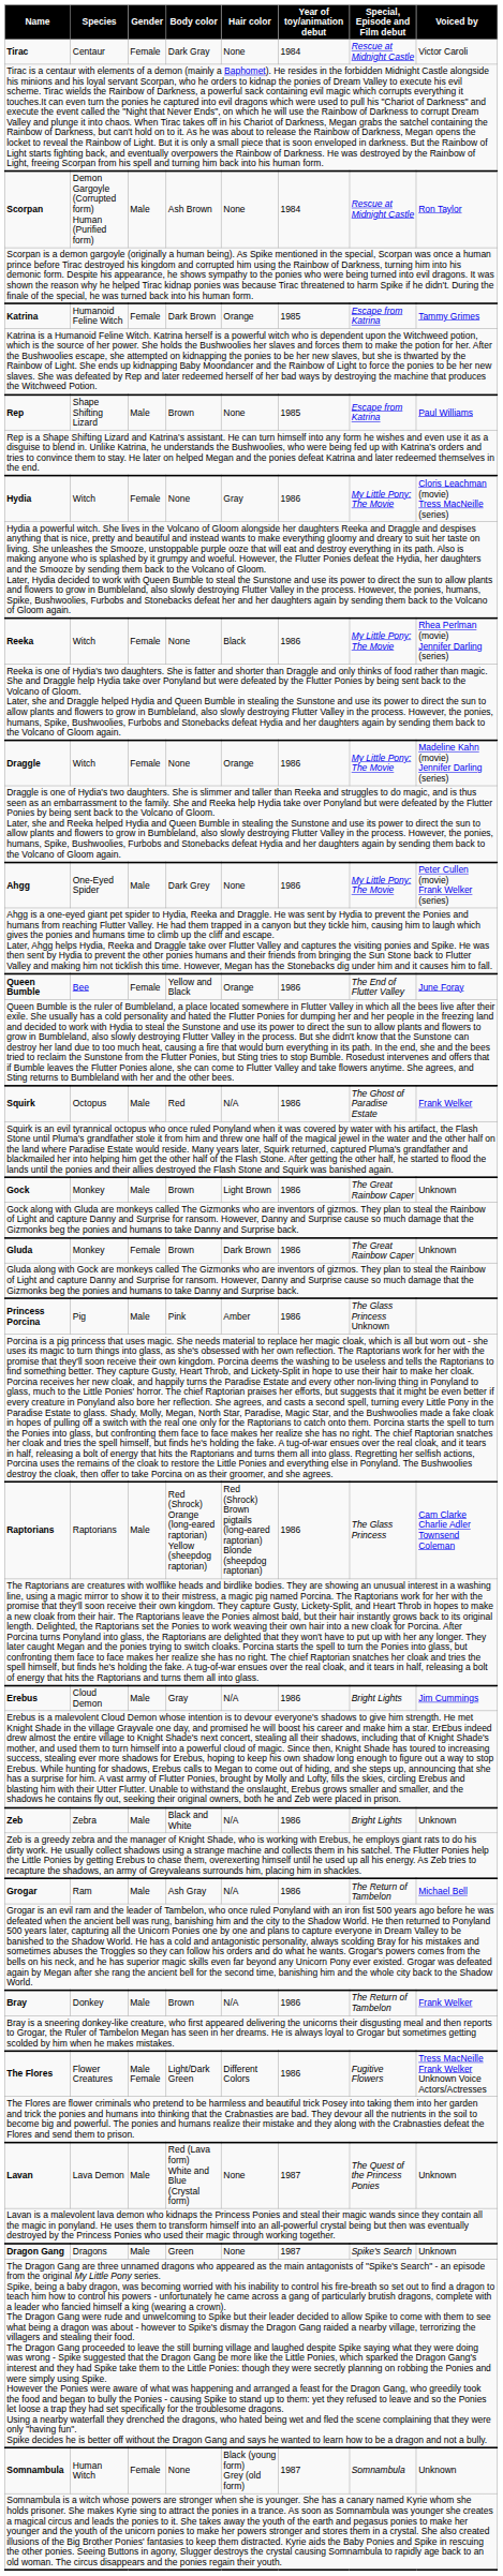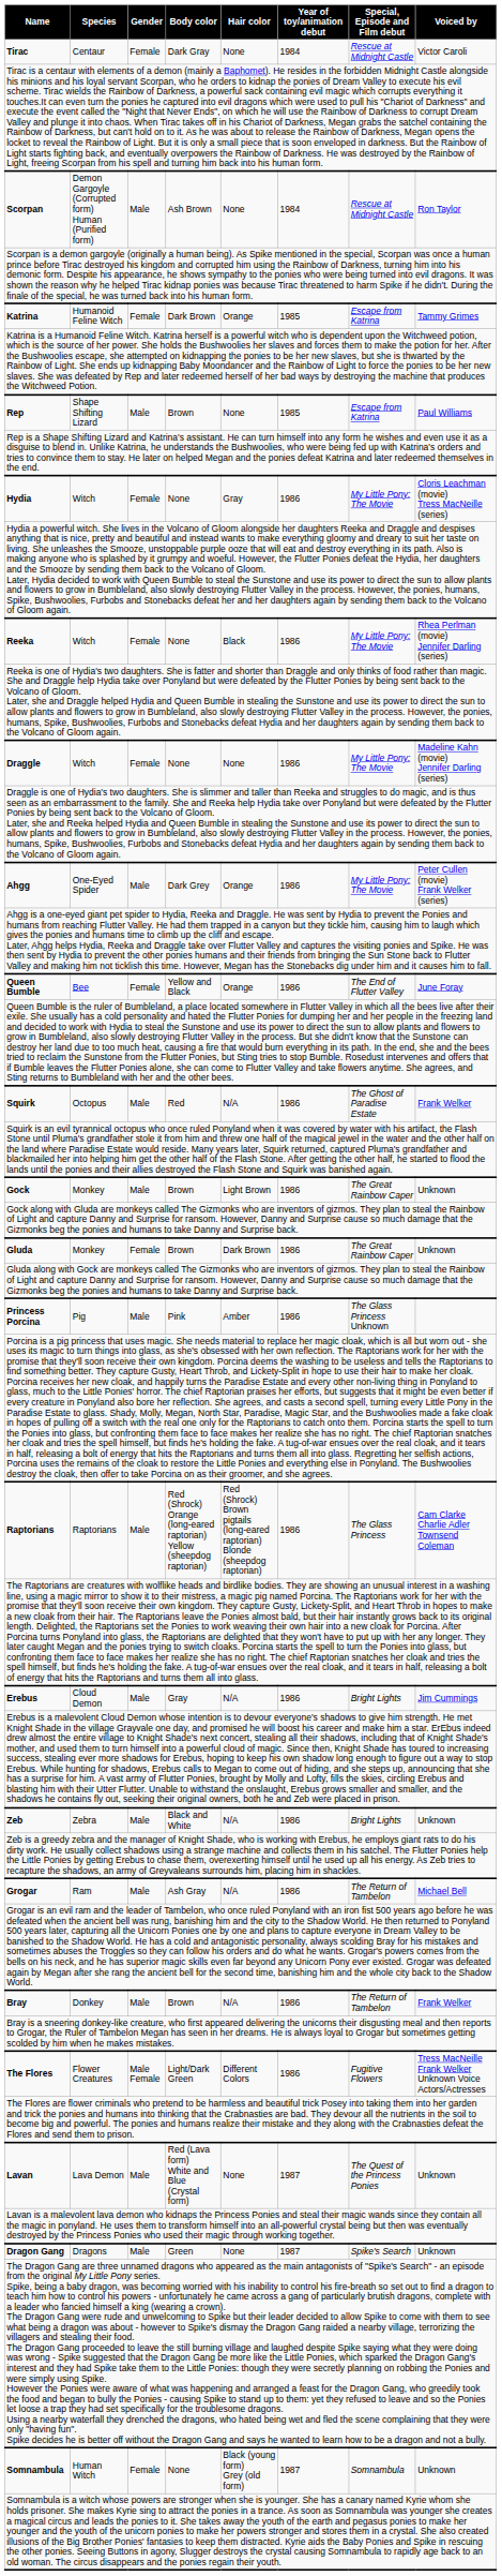 <table class="wikitable">
 <tr>
 <th style="background:#000000; color: #fff;">Name</th>
 <th style="background:#000000; color: #fff;">Species</th>
 <th style="background:#000000; color: #fff;">Gender</th>
 <th style="background:#000000; color: #fff;">Body color</th>
 <th style="background:#000000; color: #fff;">Hair color</th>
 <th style="background:#000000; color: #fff;">Year of toy/animation debut</th>
 <th style="background:#000000; color: #fff;">Special, Episode and Film debut</th>
 <th style="background:#000000; color: #fff;">Voiced by</th>
 </tr>
 <tr>
 <td><strong>Tirac</strong></td>
 <td>Centaur</td>
 <td>Female</td>
 <td>Dark Gray</td>
 <td>None</td>
 <td>1984</td>
 <td><em><a href='#'>Rescue at Midnight Castle</a></em></td>
 <td>Victor Caroli</td>
 </tr>
 <tr>
 <td style="border-bottom: 3px solid #000000;" colspan="13">Tirac is a centaur with elements of a demon (mainly a <a href='#'>Baphomet</a>). He resides in the forbidden Midnight Castle alongside his minions and his loyal servant Scorpan, who he orders to kidnap the ponies of Dream Valley to execute his evil scheme. Tirac wields the Rainbow of Darkness, a powerful sack containing evil magic which corrupts everything it touches.It can even turn the ponies he captured into evil dragons which were used to pull his "Chariot of Darkness" and execute the event called the "Night that Never Ends", on which he will use the Rainbow of Darkness to corrupt Dream Valley and plunge it into chaos. When Tirac takes off in his Chariot of Darkness, Megan grabs the satchel containing the Rainbow of Darkness, but can't hold on to it. As he was about to release the Rainbow of Darkness, Megan opens the locket to reveal the Rainbow of Light. But it is only a small piece that is soon enveloped in darkness. But the Rainbow of Light starts fighting back, and eventually overpowers the Rainbow of Darkness. He was destroyed by the Rainbow of Light, freeing Scorpan from his spell and turning him back into his human form.</td>
 </tr>
 <tr>
 <td><strong>Scorpan</strong></td>
 <td>Demon Gargoyle (Corrupted form)<br>Human (Purified form)</td>
 <td>Male</td>
 <td>Ash Brown</td>
 <td>None</td>
 <td>1984</td>
 <td><em><a href='#'>Rescue at Midnight Castle</a></em></td>
 <td><a href='#'>Ron Taylor</a></td>
 </tr>
 <tr>
 <td style="border-bottom: 3px solid #000000;" colspan="13">Scorpan is a demon gargoyle (originally a human being). As Spike mentioned in the special, Scorpan was once a human prince before Tirac destroyed his kingdom and corrupted him using the Rainbow of Darkness, turning him into his demonic form. Despite his appearance, he shows sympathy to the ponies who were being turned into evil dragons. It was shown the reason why he helped Tirac kidnap ponies was because Tirac threatened to harm Spike if he didn't. During the finale of the special, he was turned back into his human form.</td>
 </tr>
 <tr>
 <td><strong>Katrina</strong></td>
 <td>Humanoid Feline Witch</td>
 <td>Female</td>
 <td>Dark Brown</td>
 <td>Orange</td>
 <td>1985</td>
 <td><em><a href='#'>Escape from Katrina</a></em></td>
 <td><a href='#'>Tammy Grimes</a></td>
 </tr>
 <tr>
 <td style="border-bottom: 3px solid #000000;" colspan="13">Katrina is a Humanoid Feline Witch. Katrina herself is a powerful witch who is dependent upon the Witchweed potion, which is the source of her power. She holds the Bushwoolies her slaves and forces them to make the potion for her. After the Bushwoolies escape, she attempted on kidnapping the ponies to be her new slaves, but she is thwarted by the Rainbow of Light. She ends up kidnapping Baby Moondancer and the Rainbow of Light to force the ponies to be her new slaves. She was defeated by Rep and later redeemed herself of her bad ways by destroying the machine that produces the Witchweed Potion.</td>
 </tr>
 <tr>
 <td><strong>Rep</strong></td>
 <td>Shape Shifting Lizard</td>
 <td>Male</td>
 <td>Brown</td>
 <td>None</td>
 <td>1985</td>
 <td><em><a href='#'>Escape from Katrina</a></em></td>
 <td><a href='#'>Paul Williams</a></td>
 </tr>
 <tr>
 <td style="border-bottom: 3px solid #000000;" colspan="13">Rep is a Shape Shifting Lizard and Katrina's assistant. He can turn himself into any form he wishes and even use it as a disguise to blend in. Unlike Katrina, he understands the Bushwoolies, who were being fed up with Katrina's orders and tries to convince them to stay. He later on helped Megan and the ponies defeat Katrina and later redeemed themselves in the end.</td>
 </tr>
 <tr>
 <td><strong>Hydia</strong></td>
 <td>Witch</td>
 <td>Female</td>
 <td>None</td>
 <td>Gray</td>
 <td>1986</td>
 <td><em><a href='#'>My Little Pony: The Movie</a></em></td>
 <td><a href='#'>Cloris Leachman</a> (movie)<br><a href='#'>Tress MacNeille</a> (series)</td>
 </tr>
 <tr>
 <td style="border-bottom: 3px solid #000000;" colspan="13">Hydia a powerful witch. She lives in the Volcano of Gloom alongside her daughters Reeka and Draggle and despises anything that is nice, pretty and beautiful and instead wants to make everything gloomy and dreary to suit her taste on living. She unleashes the Smooze, unstoppable purple ooze that will eat and destroy everything in its path. Also is making anyone who is splashed by it grumpy and woeful. However, the Flutter Ponies defeat the Hydia, her daughters and the Smooze by sending them back to the Volcano of Gloom.<br>Later, Hydia decided to work with Queen Bumble to steal the Sunstone and use its power to direct the sun to allow plants and flowers to grow in Bumbleland, also slowly destroying Flutter Valley in the process. However, the ponies, humans, Spike, Bushwoolies, Furbobs and Stonebacks defeat her and her daughters again by sending them back to the Volcano of Gloom again.</td>
 </tr>
 <tr>
 <td><strong>Reeka</strong></td>
 <td>Witch</td>
 <td>Female</td>
 <td>None</td>
 <td>Black</td>
 <td>1986</td>
 <td><em><a href='#'>My Little Pony: The Movie</a></em></td>
 <td><a href='#'>Rhea Perlman</a> (movie)<br><a href='#'>Jennifer Darling</a> (series)</td>
 </tr>
 <tr>
 <td style="border-bottom: 3px solid #000000;" colspan="13">Reeka is one of Hydia's two daughters. She is fatter and shorter than Draggle and only thinks of food rather than magic. She and Draggle help Hydia take over Ponyland but were defeated by the Flutter Ponies by being sent back to the Volcano of Gloom.<br>Later, she and Draggle helped Hydia and Queen Bumble in stealing the Sunstone and use its power to direct the sun to allow plants and flowers to grow in Bumbleland, also slowly destroying Flutter Valley in the process. However, the ponies, humans, Spike, Bushwoolies, Furbobs and Stonebacks defeat Hydia and her daughters again by sending them back to the Volcano of Gloom again.</td>
 </tr>
 <tr>
 <td><strong>Draggle</strong></td>
 <td>Witch</td>
 <td>Female</td>
 <td>None</td>
-<td>Orange</td>
+<td>None</td>
 <td>1986</td>
 <td><em><a href='#'>My Little Pony: The Movie</a></em></td>
 <td><a href='#'>Madeline Kahn</a> (movie)<br><a href='#'>Jennifer Darling</a> (series)</td>
 </tr>
 <tr>
 <td style="border-bottom: 3px solid #000000;" colspan="13">Draggle is one of Hydia's two daughters. She is slimmer and taller than Reeka and struggles to do magic, and is thus seen as an embarrassment to the family. She and Reeka help Hydia take over Ponyland but were defeated by the Flutter Ponies by being sent back to the Volcano of Gloom.<br>Later, she and Reeka helped Hydia and Queen Bumble in stealing the Sunstone and use its power to direct the sun to allow plants and flowers to grow in Bumbleland, also slowly destroying Flutter Valley in the process. However, the ponies, humans, Spike, Bushwoolies, Furbobs and Stonebacks defeat Hydia and her daughters again by sending them back to the Volcano of Gloom again.</td>
 </tr>
 <tr>
 <td><strong>Ahgg</strong></td>
 <td>One-Eyed Spider</td>
 <td>Male</td>
 <td>Dark Grey</td>
-<td>None</td>
+<td>Orange</td>
 <td>1986</td>
 <td><em><a href='#'>My Little Pony: The Movie</a></em></td>
 <td><a href='#'>Peter Cullen</a> (movie)<br><a href='#'>Frank Welker</a> (series)</td>
 </tr>
 <tr>
 <td style="border-bottom: 3px solid #000000;" colspan="13">Ahgg is a one-eyed giant pet spider to Hydia, Reeka and Draggle. He was sent by Hydia to prevent the Ponies and humans from reaching Flutter Valley. He had them trapped in a canyon but they tickle him, causing him to laugh which gives the ponies and humans time to climb up the cliff and escape.<br>Later, Ahgg helps Hydia, Reeka and Draggle take over Flutter Valley and captures the visiting ponies and Spike. He was then sent by Hydia to prevent the other ponies humans and their friends from bringing the Sun Stone back to Flutter Valley and making him not ticklish this time. However, Megan has the Stonebacks dig under him and it causes him to fall.</td>
 </tr>
 <tr>
 <td><strong>Queen Bumble</strong></td>
 <td><a href='#'>Bee</a></td>
 <td>Female</td>
 <td>Yellow and Black</td>
 <td>Orange</td>
 <td>1986</td>
 <td><em>The End of Flutter Valley</em></td>
 <td><a href='#'>June Foray</a></td>
 </tr>
 <tr>
 <td style="border-bottom: 3px solid #000000;" colspan="13">Queen Bumble is the ruler of Bumbleland, a place located somewhere in Flutter Valley in which all the bees live after their exile. She usually has a cold personality and hated the Flutter Ponies for dumping her and her people in the freezing land and decided to work with Hydia to steal the Sunstone and use its power to direct the sun to allow plants and flowers to grow in Bumbleland, also slowly destroying Flutter Valley in the process. But she didn't know that the Sunstone can destroy her land due to too much heat, causing a fire that would burn everything in its path. In the end, she and the bees tried to reclaim the Sunstone from the Flutter Ponies, but Sting tries to stop Bumble. Rosedust intervenes and offers that if Bumble leaves the Flutter Ponies alone, she can come to Flutter Valley and take flowers anytime. She agrees, and Sting returns to Bumbleland with her and the other bees.</td>
 </tr>
 <tr>
 <td><strong>Squirk</strong></td>
 <td>Octopus</td>
 <td>Male</td>
 <td>Red</td>
 <td>N/A</td>
 <td>1986</td>
 <td><em>The Ghost of Paradise Estate</em></td>
 <td><a href='#'>Frank Welker</a></td>
 </tr>
 <tr>
 <td style="border-bottom: 3px solid #000000;" colspan="13">Squirk is an evil tyrannical octopus who once ruled Ponyland when it was covered by water with his artifact, the Flash Stone until Pluma's grandfather stole it from him and threw one half of the magical jewel in the water and the other half on the land where Paradise Estate would reside. Many years later, Squirk returned, captured Pluma's grandfather and blackmailed her into helping him get the other half of the Flash Stone. After getting the other half, he started to flood the lands until the ponies and their allies destroyed the Flash Stone and Squirk was banished again.</td>
 </tr>
 <tr>
 <td><strong>Gock</strong></td>
 <td>Monkey</td>
 <td>Male</td>
 <td>Brown</td>
 <td>Light Brown</td>
 <td>1986</td>
 <td><em>The Great Rainbow Caper</em></td>
 <td>Unknown</td>
 </tr>
 <tr>
 <td style="border-bottom: 3px solid #000000;" colspan="13">Gock along with Gluda are monkeys called The Gizmonks who are inventors of gizmos. They plan to steal the Rainbow of Light and capture Danny and Surprise for ransom. However, Danny and Surprise cause so much damage that the Gizmonks beg the ponies and humans to take Danny and Surprise back.</td>
 </tr>
 <tr>
 <td><strong>Gluda</strong></td>
 <td>Monkey</td>
 <td>Female</td>
 <td>Brown</td>
 <td>Dark Brown</td>
 <td>1986</td>
 <td><em>The Great Rainbow Caper</em></td>
 <td>Unknown</td>
 </tr>
 <tr>
 <td style="border-bottom: 3px solid #000000;" colspan="13">Gluda along with Gock are monkeys called The Gizmonks who are inventors of gizmos. They plan to steal the Rainbow of Light and capture Danny and Surprise for ransom. However, Danny and Surprise cause so much damage that the Gizmonks beg the ponies and humans to take Danny and Surprise back.</td>
 </tr>
 <tr>
 <td><strong>Princess Porcina</strong></td>
 <td>Pig</td>
 <td>Male</td>
 <td>Pink</td>
 <td>Amber</td>
 <td>1986</td>
 <td><em>The Glass Princess</em><br>Unknown</td>
 </tr>
 <tr>
 <td style="border-bottom: 3px solid #000000;" colspan="13">Porcina is a pig princess that uses magic. She needs material to replace her magic cloak, which is all but worn out - she uses its magic to turn things into glass, as she's obsessed with her own reflection. The Raptorians work for her with the promise that they'll soon receive their own kingdom. Porcina deems the washing to be useless and tells the Raptorians to find something better. They capture Gusty, Heart Throb, and Lickety-Split in hope to use their hair to make her cloak. Porcina receives her new cloak, and happily turns the Paradise Estate and every other non-living thing in Ponyland to glass, much to the Little Ponies' horror. The chief Raptorian praises her efforts, but suggests that it might be even better if every creature in Ponyland also bore her reflection. She agrees, and casts a second spell, turning every Little Pony in the Paradise Estate to glass. Shady, Molly, Megan, North Star, Paradise, Magic Star, and the Bushwoolies made a fake cloak in hopes of pulling off a switch with the real one only for the Raptorians to catch onto them. Porcina starts the spell to turn the Ponies into glass, but confronting them face to face makes her realize she has no right. The chief Raptorian snatches her cloak and tries the spell himself, but finds he's holding the fake. A tug-of-war ensues over the real cloak, and it tears in half, releasing a bolt of energy that hits the Raptorians and turns them all into glass. Regretting her selfish actions, Porcina uses the remains of the cloak to restore the Little Ponies and everything else in Ponyland. The Bushwoolies destroy the cloak, then offer to take Porcina on as their groomer, and she agrees.</td>
 </tr>
 <tr>
 <td><strong>Raptorians</strong></td>
 <td>Raptorians</td>
 <td>Male</td>
 <td>Red (Shrock)<br>Orange (long-eared raptorian)<br>Yellow (sheepdog raptorian)</td>
 <td>Red (Shrock)<br>Brown pigtails (long-eared raptorian)<br>Blonde (sheepdog raptorian)</td>
 <td>1986</td>
 <td><em>The Glass Princess</em></td>
 <td><a href='#'>Cam Clarke</a><br><a href='#'>Charlie Adler</a><br><a href='#'>Townsend Coleman</a></td>
 </tr>
 <tr>
 <td style="border-bottom: 3px solid #000000;" colspan="13">The Raptorians are creatures with wolflike heads and birdlike bodies. They are showing an unusual interest in a washing line, using a magic mirror to show it to their mistress, a magic pig named Porcina. The Raptorians work for her with the promise that they'll soon receive their own kingdom. They capture Gusty, Lickety-Split, and Heart Throb in hopes to make a new cloak from their hair. The Raptorians leave the Ponies almost bald, but their hair instantly grows back to its original length. Delighted, the Raptorians set the Ponies to work weaving their own hair into a new cloak for Porcina. After Porcina turns Ponyland into glass, the Raptorians are delighted that they won't have to put up with her any longer. They later caught Megan and the ponies trying to switch cloaks. Porcina starts the spell to turn the Ponies into glass, but confronting them face to face makes her realize she has no right. The chief Raptorian snatches her cloak and tries the spell himself, but finds he's holding the fake. A tug-of-war ensues over the real cloak, and it tears in half, releasing a bolt of energy that hits the Raptorians and turns them all into glass.</td>
 </tr>
 <tr>
 <td><strong>Erebus</strong></td>
 <td>Cloud Demon</td>
 <td>Male</td>
 <td>Gray</td>
 <td>N/A</td>
 <td>1986</td>
 <td><em>Bright Lights</em></td>
 <td><a href='#'>Jim Cummings</a></td>
 </tr>
 <tr>
 <td style="border-bottom: 3px solid #000000;" colspan="13">Erebus is a malevolent Cloud Demon whose intention is to devour everyone's shadows to give him strength. He met Knight Shade in the village Grayvale one day, and promised he will boost his career and make him a star. ErEbus indeed drew almost the entire village to Knight Shade's next concert, stealing all their shadows, including that of Knight Shade's mother, and used them to turn himself into a powerful cloud of magic. Since then, Knight Shade has toured to increasing success, stealing ever more shadows for Erebus, hoping to keep his own shadow long enough to figure out a way to stop Erebus. While hunting for shadows, Erebus calls to Megan to come out of hiding, and she steps up, announcing that she has a surprise for him. A vast army of Flutter Ponies, brought by Molly and Lofty, fills the skies, circling Erebus and blasting him with their Utter Flutter. Unable to withstand the onslaught, Erebus grows smaller and smaller, and the shadows he contains fly out, seeking their original owners, both he and Zeb were placed in prison.</td>
 </tr>
 <tr>
 <td><strong>Zeb</strong></td>
 <td>Zebra</td>
 <td>Male</td>
 <td>Black and White</td>
 <td>N/A</td>
 <td>1986</td>
 <td><em>Bright Lights</em></td>
 <td>Unknown</td>
 </tr>
 <tr>
 <td style="border-bottom: 3px solid #000000;" colspan="13">Zeb is a greedy zebra and the manager of Knight Shade, who is working with Erebus, he employs giant rats to do his dirty work. He usually collect shadows using a strange machine and collects them in his satchel. The Flutter Ponies help the Little Ponies by getting Erebus to chase them, overexerting himself until he used up all his energy. As Zeb tries to recapture the shadows, an army of Greyvaleans surrounds him, placing him in shackles.</td>
 </tr>
 <tr>
 <td><strong>Grogar</strong></td>
 <td>Ram</td>
 <td>Male</td>
 <td>Ash Gray</td>
 <td>N/A</td>
 <td>1986</td>
 <td><em>The Return of Tambelon</em></td>
 <td><a href='#'>Michael Bell</a></td>
 </tr>
 <tr>
 <td style="border-bottom: 3px solid #000000;" colspan="13">Grogar is an evil ram and the leader of Tambelon, who once ruled Ponyland with an iron fist 500 years ago before he was defeated when the ancient bell was rung, banishing him and the city to the Shadow World. He then returned to Ponyland 500 years later, capturing all the Unicorn Ponies one by one and plans to capture everyone in Dream Valley to be banished to the Shadow World. He has a cold and antagonistic personality, always scolding Bray for his mistakes and sometimes abuses the Troggles so they can follow his orders and do what he wants. Grogar's powers comes from the bells on his neck, and he has superior magic skills even far beyond any Unicorn Pony ever existed. Grogar was defeated again by Megan after she rang the ancient bell for the second time, banishing him and the whole city back to the Shadow World.</td>
 </tr>
 <tr>
 <td><strong>Bray</strong></td>
 <td>Donkey</td>
 <td>Male</td>
 <td>Brown</td>
 <td>N/A</td>
 <td>1986</td>
 <td><em>The Return of Tambelon</em></td>
 <td><a href='#'>Frank Welker</a></td>
 </tr>
 <tr>
 <td style="border-bottom: 3px solid #000000;" colspan="13">Bray is a sneering donkey-like creature, who first appeared delivering the unicorns their disgusting meal and then reports to Grogar, the Ruler of Tambelon Megan has seen in her dreams. He is always loyal to Grogar but sometimes getting scolded by him when he makes mistakes.</td>
 </tr>
 <tr>
 <td><strong>The Flores</strong></td>
 <td>Flower Creatures</td>
 <td>Male<br>Female</td>
 <td>Light/Dark Green</td>
 <td>Different Colors</td>
 <td>1986</td>
 <td><em>Fugitive Flowers</em></td>
 <td><a href='#'>Tress MacNeille</a><br><a href='#'>Frank Welker</a><br>Unknown Voice Actors/Actresses</td>
 </tr>
 <tr>
 <td style="border-bottom: 3px solid #000000;" colspan="13">The Flores are flower criminals who pretend to be harmless and beautiful trick Posey into taking them into her garden and trick the ponies and humans into thinking that the Crabnasties are bad. They devour all the nutrients in the soil to become big and powerful. The ponies and humans realize their mistake and they along with the Crabnasties defeat the Flores and send them to prison.</td>
 </tr>
 <tr>
 <td><strong>Lavan</strong></td>
 <td>Lava Demon</td>
 <td>Male</td>
 <td>Red (Lava form)<br>White and Blue (Crystal form)</td>
 <td>None</td>
 <td>1987</td>
 <td><em>The Quest of the Princess Ponies</em></td>
 <td>Unknown</td>
 </tr>
 <tr>
 <td style="border-bottom: 3px solid #000000;" colspan="13">Lavan is a malevolent lava demon who kidnaps the Princess Ponies and steal their magic wands since they contain all the magic in ponyland. He uses them to transform himself into an all-powerful crystal being but then was eventually destroyed by the Princess Ponies who used their magic through working together.</td>
 </tr>
 <tr>
 <td><strong>Dragon Gang</strong></td>
 <td>Dragons</td>
 <td>Male</td>
 <td>Green</td>
 <td>None</td>
 <td>1987</td>
 <td><em>Spike's Search</em></td>
 <td>Unknown</td>
 </tr>
 <tr>
 <td style="border-bottom: 3px solid #000000;" colspan="13">The Dragon Gang are three unnamed dragons who appeared as the main antagonists of "Spike's Search" - an episode from the original <em>My Little Pony</em> series.<br>Spike, being a baby dragon, was becoming worried with his inability to control his fire-breath so set out to find a dragon to teach him how to control his powers - unfortunately he came across a gang of particularly brutish dragons, complete with a leader who fancied himself a king (wearing a crown).<br>The Dragon Gang were rude and unwelcoming to Spike but their leader decided to allow Spike to come with them to see what being a dragon was about - however to Spike's dismay the Dragon Gang raided a nearby village, terrorizing the villagers and stealing their food.<br>The Dragon Gang proceeded to leave the still burning village and laughed despite Spike saying what they were doing was wrong - Spike suggested that the Dragon Gang be more like the Little Ponies, which sparked the Dragon Gang's interest and they had Spike take them to the Little Ponies: though they were secretly planning on robbing the Ponies and were simply using Spike.<br>However the Ponies were aware of what was happening and arranged a feast for the Dragon Gang, who greedily took the food and began to bully the Ponies - causing Spike to stand up to them: yet they refused to leave and so the Ponies let loose a trap they had set specifically for the troublesome dragons.<br>Using a nearby waterfall they drenched the dragons, who hated being wet and fled the scene complaining that they were only "having fun".<br>Spike decides he is better off without the Dragon Gang and says he wanted to learn how to be a dragon and not a bully.</td>
 </tr>
 <tr>
 <td><strong>Somnambula</strong></td>
 <td>Human Witch</td>
 <td>Female</td>
 <td>None</td>
 <td>Black (young form)<br>Grey (old form)</td>
 <td>1987</td>
 <td><em>Somnambula</em></td>
 <td>Unknown</td>
 </tr>
 <tr>
 <td style="border-bottom: 3px solid #000000;" colspan="13">Somnambula is a witch whose powers are stronger when she is younger. She has a canary named Kyrie whom she holds prisoner. She makes Kyrie sing to attract the ponies in a trance. As soon as Somnambula was younger she creates a magical circus and leads the ponies to it. She takes away the youth of the earth and pegasus ponies to make her younger and the youth of the unicorn ponies to make her powers stronger and stores them in a crystal. She also created illusions of the Big Brother Ponies' fantasies to keep them distracted. Kyrie aids the Baby Ponies and Spike in rescuing the other ponies. Seeing Buttons in agony, Slugger destroys the crystal causing Somnambula to rapidly age back to an old woman. The circus disappears and the ponies regain their youth.</td>
 </tr>
 </table>
